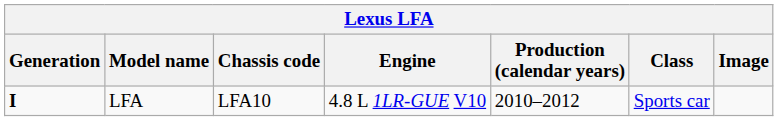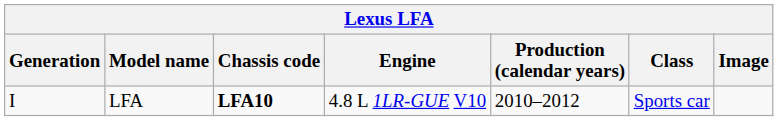 <table class="wikitable collapsible" style="font-size:97% style="width:90%; text-align:center">
 <tr>
 <th colspan=7 align=left><a href='#'>Lexus LFA</a></th>
 </tr>
 <tr>
 <th>Generation</th>
 <th>Model name</th>
 <th>Chassis code</th>
 <th>Engine</th>
 <th>Production<br>(calendar years)</th>
 <th>Class</th>
 <th>Image</th>
 </tr>
 <tr>
-<td><strong>I</strong></td>
+<td>I</td>
 <td>LFA</td>
-<td>LFA10</td>
+<td><strong>LFA10</strong></td>
 <td>4.8 L <em><a href='#'>1LR-GUE</a></em> <a href='#'>V10</a></td>
 <td>2010–2012</td>
 <td><a href='#'>Sports car</a></td>
 <td></td>
 </tr>
 </table>
